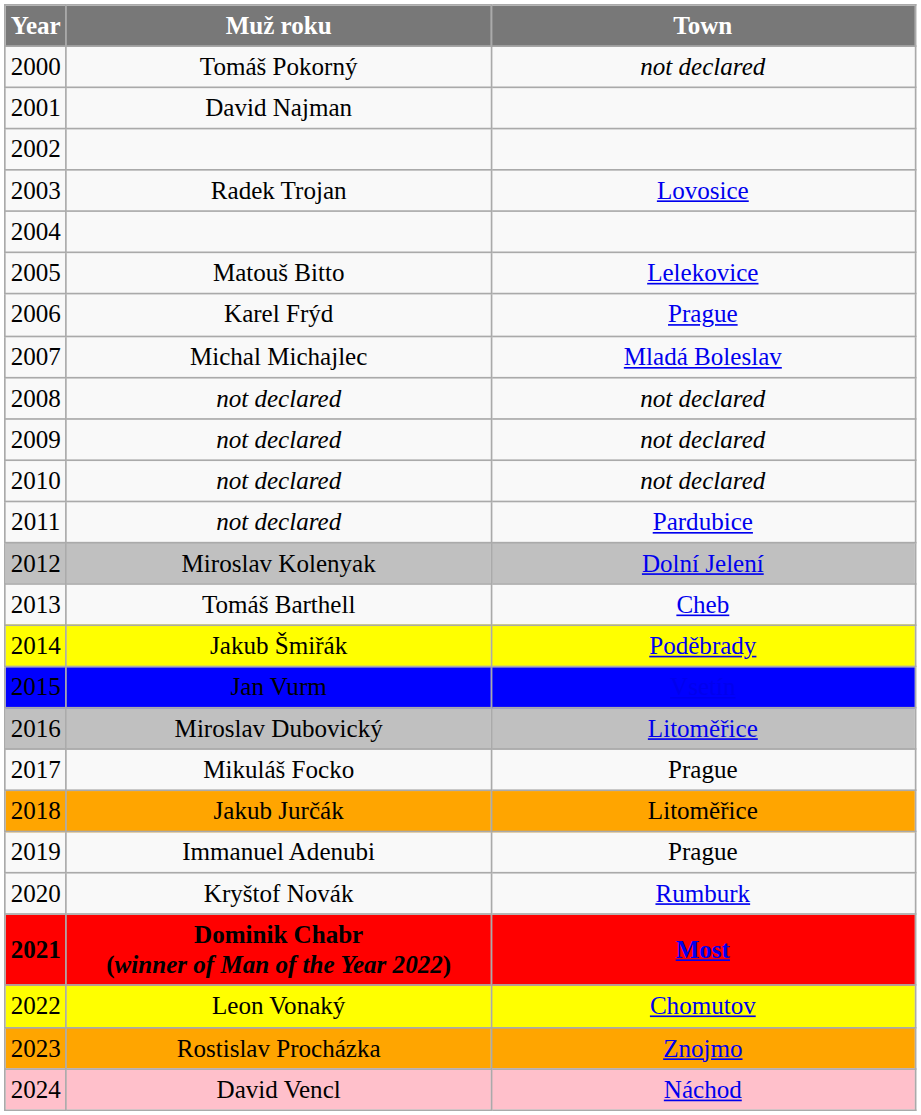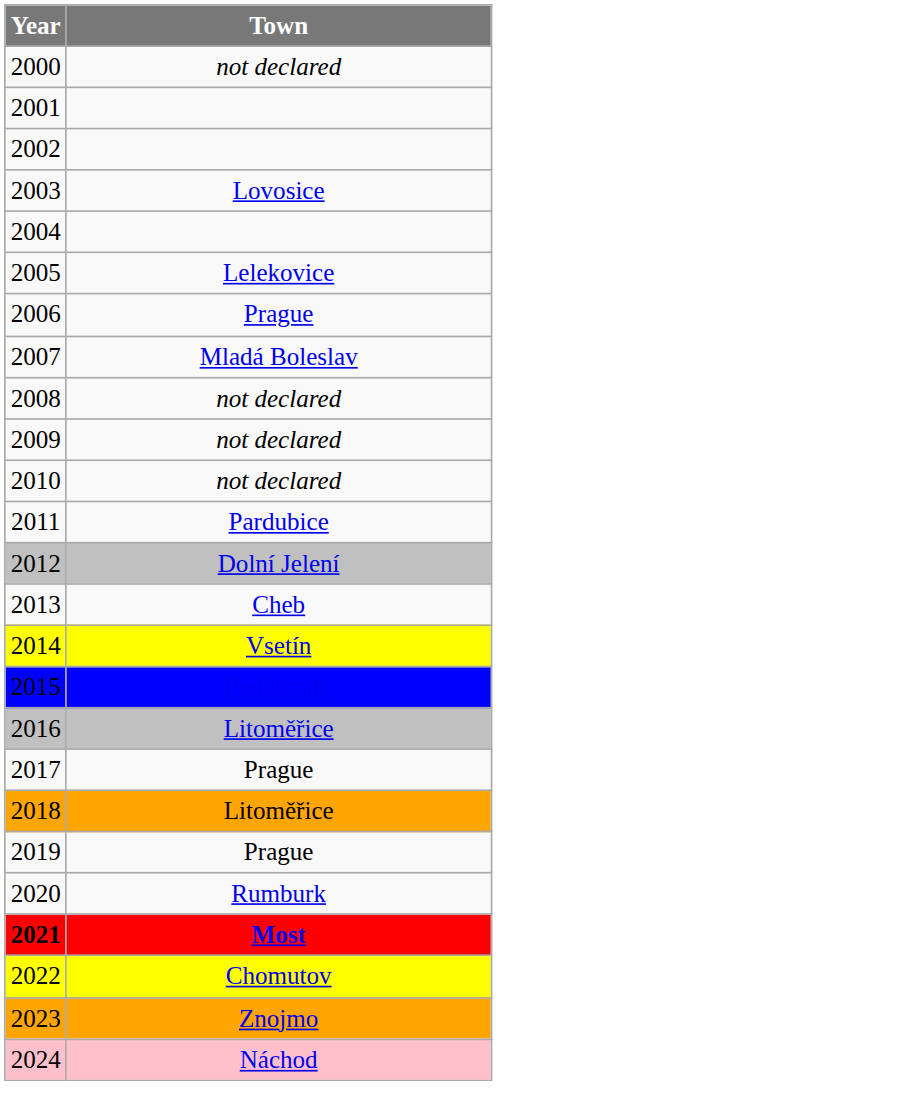 <table class="wikitable sortable" style="font-size: 95%; text-align:center">
 <tr>
 <th width="30" style="background-color:#787878;color:#FFFFFF;">Year</th>
-<th width="250" style="background-color:#787878;color:#FFFFFF;">Muž roku</th>
 <th width="250" style="background-color:#787878;color:#FFFFFF;">Town</th>
 </tr>
 <tr>
 <td>2000</td>
-<td>Tomáš Pokorný</td>
 <td><em>not declared</em></td>
 </tr>
 <tr>
 <td>2001</td>
-<td>David Najman</td>
 <td></td>
 </tr>
 <tr>
 <td>2002</td>
 <td></td>
-<td></td>
 </tr>
 <tr>
 <td>2003</td>
-<td>Radek Trojan</td>
 <td><a href='#'>Lovosice</a></td>
 </tr>
 <tr>
 <td>2004</td>
 <td></td>
-<td></td>
 </tr>
 <tr>
 <td>2005</td>
-<td>Matouš Bitto</td>
 <td><a href='#'>Lelekovice</a></td>
 </tr>
 <tr>
 <td>2006</td>
-<td>Karel Frýd</td>
 <td><a href='#'>Prague</a></td>
 </tr>
 <tr>
 <td>2007</td>
-<td>Michal Michajlec</td>
 <td><a href='#'>Mladá Boleslav</a></td>
 </tr>
 <tr>
 <td>2008</td>
 <td><em>not declared</em></td>
-<td><em>not declared</em></td>
 </tr>
 <tr>
 <td>2009</td>
-<td><em>not declared</em></td>
 <td><em>not declared</em></td>
 </tr>
 <tr>
 <td>2010</td>
 <td><em>not declared</em></td>
-<td><em>not declared</em></td>
 </tr>
 <tr>
 <td>2011</td>
-<td><em>not declared</em></td>
 <td><a href='#'>Pardubice</a></td>
 </tr>
 <tr style="background-color: silver">
 <td>2012</td>
-<td>Miroslav Kolenyak</td>
 <td><a href='#'>Dolní Jelení</a></td>
 </tr>
 <tr>
 <td>2013</td>
-<td>Tomáš Barthell</td>
 <td><a href='#'>Cheb</a></td>
 </tr>
 <tr style="background-color: yellow">
 <td>2014</td>
-<td>Jakub Šmiřák</td>
-<td><a href='#'>Poděbrady</a></td>
+<td><a href='#'>Vsetín</a></td>
 </tr>
 <tr style="background-color: blue">
 <td>2015</td>
-<td>Jan Vurm</td>
-<td><a href='#'>Vsetín</a></td>
+<td><a href='#'>Poděbrady</a></td>
 </tr>
 <tr style="background-color: silver">
 <td>2016</td>
-<td>Miroslav Dubovický</td>
 <td><a href='#'>Litoměřice</a></td>
 </tr>
 <tr>
 <td>2017</td>
-<td>Mikuláš Focko</td>
 <td>Prague</td>
 </tr>
 <tr style="background-color: orange">
 <td>2018</td>
-<td>Jakub Jurčák</td>
 <td>Litoměřice</td>
 </tr>
 <tr>
 <td>2019</td>
-<td>Immanuel Adenubi</td>
 <td>Prague</td>
 </tr>
 <tr>
 <td>2020</td>
-<td>Kryštof Novák</td>
 <td><a href='#'>Rumburk</a></td>
 </tr>
 <tr style="background-color: red; font-weight: bold">
 <td>2021</td>
-<td>Dominik Chabr<br>(<em>winner of Man of the Year 2022</em>)</td>
 <td><a href='#'>Most</a></td>
 </tr>
 <tr style="background-color: yellow">
 <td>2022</td>
-<td>Leon Vonaký</td>
 <td><a href='#'>Chomutov</a></td>
 </tr>
 <tr style="background-color: orange">
 <td>2023</td>
-<td>Rostislav Procházka</td>
 <td><a href='#'>Znojmo</a></td>
 </tr>
 <tr style="background-color: pink">
 <td>2024</td>
-<td>David Vencl</td>
 <td><a href='#'>Náchod</a></td>
 </tr>
 </table>
